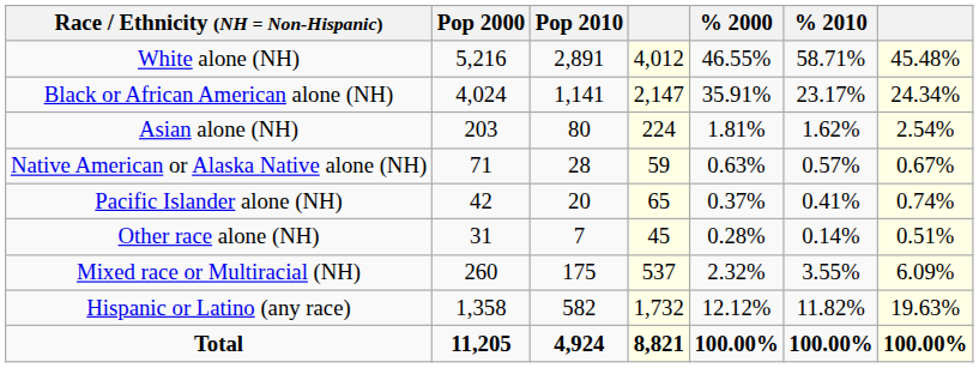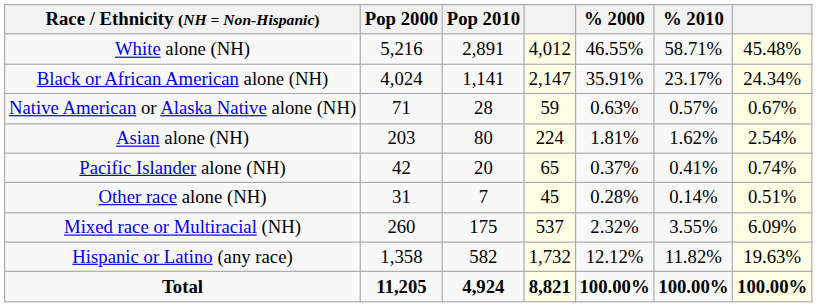 <table class="wikitable" style="text-align:center;">
 <tr>
 <th>Race / Ethnicity <small>(<em>NH = Non-Hispanic</em>)</small></th>
 <th>Pop 2000</th>
 <th>Pop 2010</th>
 <th></th>
 <th>% 2000</th>
 <th>% 2010</th>
 <th></th>
 </tr>
 <tr>
 <td><a href='#'>White</a> alone (NH)</td>
 <td>5,216</td>
 <td>2,891</td>
 <td style='background: #ffffe6;'>4,012</td>
 <td>46.55%</td>
 <td>58.71%</td>
 <td style='background: #ffffe6;'>45.48%</td>
 </tr>
 <tr>
 <td><a href='#'>Black or African American</a> alone (NH)</td>
 <td>4,024</td>
 <td>1,141</td>
 <td style='background: #ffffe6;'>2,147</td>
 <td>35.91%</td>
 <td>23.17%</td>
 <td style='background: #ffffe6;'>24.34%</td>
 </tr>
 <tr>
+<td><a href='#'>Native American</a> or <a href='#'>Alaska Native</a> alone (NH)</td>
+<td>71</td>
+<td>28</td>
+<td style='background: #ffffe6;'>59</td>
+<td>0.63%</td>
+<td>0.57%</td>
+<td style='background: #ffffe6;'>0.67%</td>
+</tr>
+<tr>
 <td><a href='#'>Asian</a> alone (NH)</td>
 <td>203</td>
 <td>80</td>
 <td style='background: #ffffe6;'>224</td>
 <td>1.81%</td>
 <td>1.62%</td>
 <td style='background: #ffffe6;'>2.54%</td>
-</tr>
-<tr>
-<td><a href='#'>Native American</a> or <a href='#'>Alaska Native</a> alone (NH)</td>
-<td>71</td>
-<td>28</td>
-<td style='background: #ffffe6;'>59</td>
-<td>0.63%</td>
-<td>0.57%</td>
-<td style='background: #ffffe6;'>0.67%</td>
 </tr>
 <tr>
 <td><a href='#'>Pacific Islander</a> alone (NH)</td>
 <td>42</td>
 <td>20</td>
 <td style='background: #ffffe6;'>65</td>
 <td>0.37%</td>
 <td>0.41%</td>
 <td style='background: #ffffe6;'>0.74%</td>
 </tr>
 <tr>
 <td><a href='#'>Other race</a> alone (NH)</td>
 <td>31</td>
 <td>7</td>
 <td style='background: #ffffe6;'>45</td>
 <td>0.28%</td>
 <td>0.14%</td>
 <td style='background: #ffffe6;'>0.51%</td>
 </tr>
 <tr>
 <td><a href='#'>Mixed race or Multiracial</a> (NH)</td>
 <td>260</td>
 <td>175</td>
 <td style='background: #ffffe6;'>537</td>
 <td>2.32%</td>
 <td>3.55%</td>
 <td style='background: #ffffe6;'>6.09%</td>
 </tr>
 <tr>
 <td><a href='#'>Hispanic or Latino</a> (any race)</td>
 <td>1,358</td>
 <td>582</td>
 <td style='background: #ffffe6;'>1,732</td>
 <td>12.12%</td>
 <td>11.82%</td>
 <td style='background: #ffffe6;'>19.63%</td>
 </tr>
 <tr>
 <td><strong>Total</strong></td>
 <td><strong>11,205</strong></td>
 <td><strong>4,924</strong></td>
 <td style='background: #ffffe6;'><strong>8,821</strong></td>
 <td><strong>100.00%</strong></td>
 <td><strong>100.00%</strong></td>
 <td style='background: #ffffe6;'><strong>100.00%</strong></td>
 </tr>
 </table>
